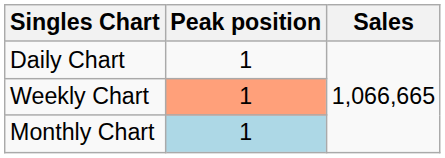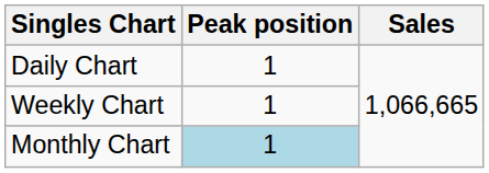 <table class="wikitable">
 <tr>
 <th>Singles Chart</th>
 <th>Peak position</th>
 <th>Sales</th>
 </tr>
 <tr>
 <td>Daily Chart</td>
 <td align=center>1</td>
 <td rowspan="3">1,066,665</td>
 </tr>
 <tr>
 <td>Weekly Chart</td>
-<td align=center style="background: lightsalmon;">1</td>
+<td align=center>1</td>
 </tr>
 <tr>
 <td>Monthly Chart</td>
 <td align=center style="background: lightblue;">1<br></td>
 </tr>
 </table>
